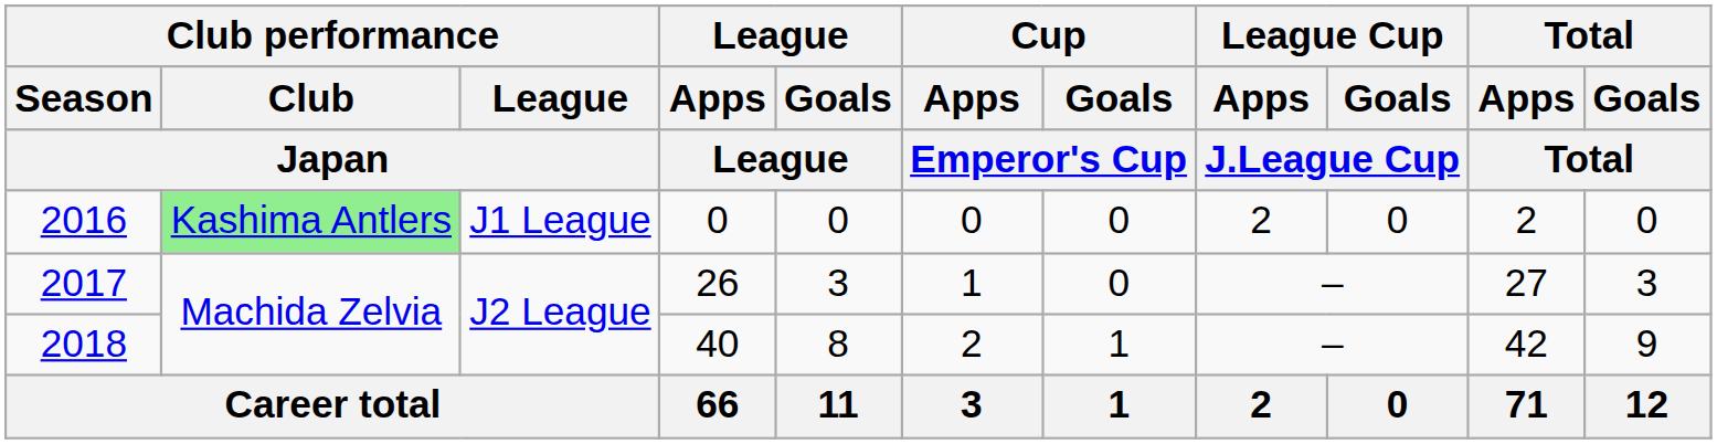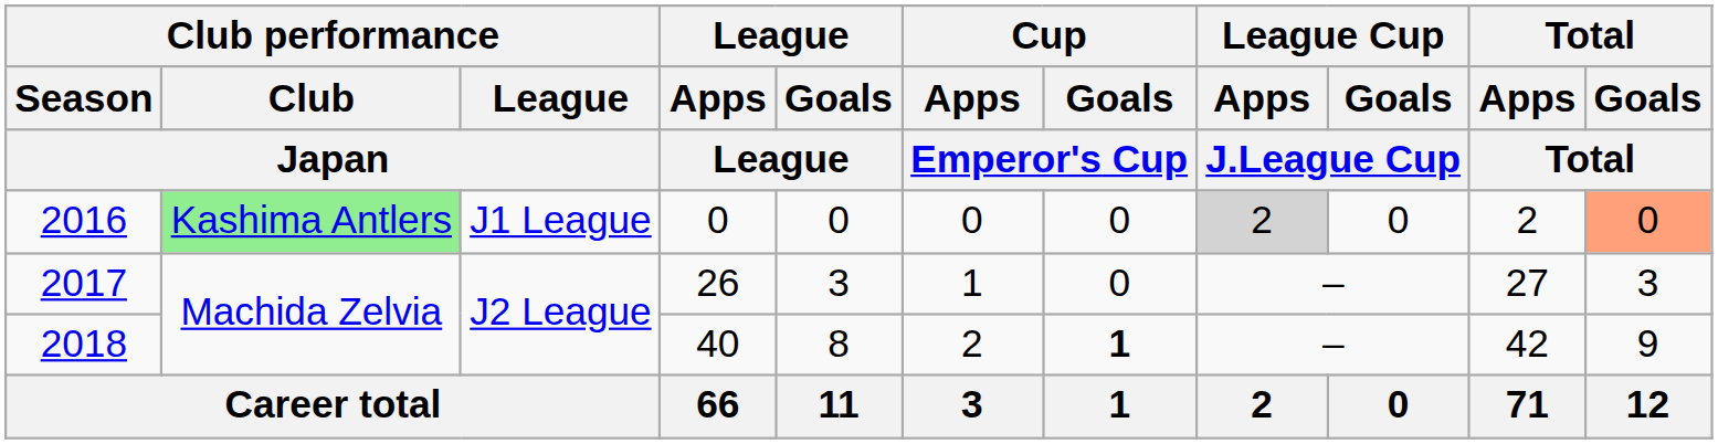 <table class="wikitable" style="text-align:center">
 <tr>
 <th colspan=3>Club performance</th>
 <th colspan=2>League</th>
 <th colspan=2>Cup</th>
 <th colspan=2>League Cup</th>
 <th colspan=2>Total</th>
 </tr>
 <tr>
 <th>Season</th>
 <th>Club</th>
 <th>League</th>
 <th>Apps</th>
 <th>Goals</th>
 <th>Apps</th>
 <th>Goals</th>
 <th>Apps</th>
 <th>Goals</th>
 <th>Apps</th>
 <th>Goals</th>
 </tr>
 <tr>
 <th colspan=3>Japan</th>
 <th colspan=2>League</th>
 <th colspan=2><a href='#'>Emperor's Cup</a></th>
 <th colspan=2><a href='#'>J.League Cup</a></th>
 <th colspan=2>Total</th>
 </tr>
 <tr>
 <td><a href='#'>2016</a></td>
 <td rowspan="1" style="background: lightgreen;"><a href='#'>Kashima Antlers</a></td>
 <td rowspan="1"><a href='#'>J1 League</a></td>
 <td>0</td>
 <td>0</td>
 <td>0</td>
 <td>0</td>
-<td>2</td>
+<td style="background: lightgrey;">2</td>
 <td>0</td>
 <td>2</td>
-<td>0</td>
+<td style="background: lightsalmon;">0</td>
 </tr>
 <tr>
 <td><a href='#'>2017</a></td>
 <td rowspan="2"><a href='#'>Machida Zelvia</a></td>
 <td rowspan="2"><a href='#'>J2 League</a></td>
 <td>26</td>
 <td>3</td>
 <td>1</td>
 <td>0</td>
 <td colspan="2">–</td>
 <td>27</td>
 <td>3</td>
 </tr>
 <tr>
 <td><a href='#'>2018</a></td>
 <td>40</td>
 <td>8</td>
 <td>2</td>
-<td>1</td>
+<td><strong>1</strong></td>
 <td colspan="2">–</td>
 <td>42</td>
 <td>9</td>
 </tr>
 <tr>
 <th colspan=3>Career total</th>
 <th>66</th>
 <th>11</th>
 <th>3</th>
 <th>1</th>
 <th>2</th>
 <th>0</th>
 <th>71</th>
 <th>12</th>
 </tr>
 </table>
